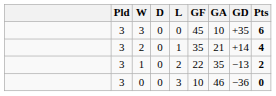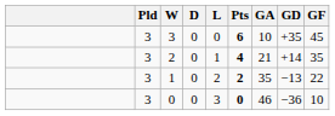 <table class="wikitable" style="text-align:center;">
 <tr>
 <th width=150></th>
 <th width=20>Pld</th>
 <th width=20>W</th>
 <th width=20>D</th>
 <th width=20>L</th>
-<th width=20>GF</th>
+<th width=20>Pts</th>
 <th width=20>GA</th>
 <th width=20>GD</th>
-<th width=20>Pts</th>
+<th width=20>GF</th>
 </tr>
 <tr>
 <td align="left"></td>
 <td>3</td>
 <td>3</td>
 <td>0</td>
 <td>0</td>
-<td>45</td>
+<td><strong>6</strong></td>
 <td>10</td>
 <td>+35</td>
-<td><strong>6</strong></td>
+<td>45</td>
 </tr>
 <tr>
 <td align="left"></td>
 <td>3</td>
 <td>2</td>
 <td>0</td>
 <td>1</td>
-<td>35</td>
+<td><strong>4</strong></td>
 <td>21</td>
 <td>+14</td>
-<td><strong>4</strong></td>
+<td>35</td>
 </tr>
 <tr>
 <td align="left"></td>
 <td>3</td>
 <td>1</td>
 <td>0</td>
 <td>2</td>
-<td>22</td>
+<td><strong>2</strong></td>
 <td>35</td>
 <td>−13</td>
-<td><strong>2</strong></td>
+<td>22</td>
 </tr>
 <tr>
 <td align="left"></td>
 <td>3</td>
 <td>0</td>
 <td>0</td>
 <td>3</td>
-<td>10</td>
+<td><strong>0</strong></td>
 <td>46</td>
 <td>−36</td>
-<td><strong>0</strong></td>
+<td>10</td>
 </tr>
 </table>
